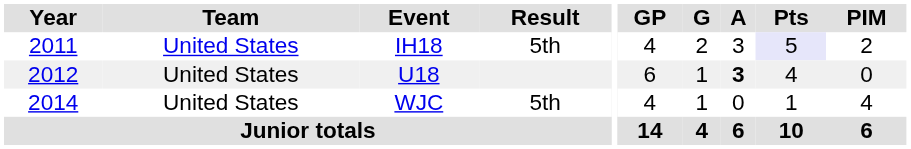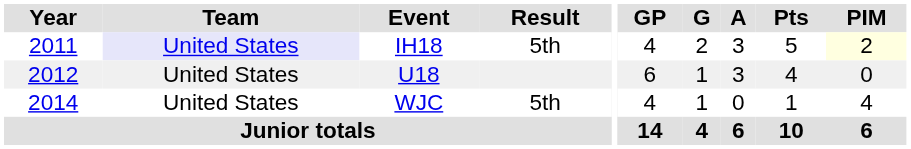 <table border="0" cellpadding="1" cellspacing="0" ID="Table3" style="text-align:center; width:40em">
 <tr ALIGN="center" bgcolor="#e0e0e0">
 <th>Year</th>
 <th>Team</th>
 <th>Event</th>
 <th>Result</th>
 <th rowspan="99" bgcolor="#ffffff"></th>
 <th>GP</th>
 <th>G</th>
 <th>A</th>
 <th>Pts</th>
 <th>PIM</th>
 </tr>
 <tr>
 <td><a href='#'>2011</a></td>
-<td><a href='#'>United States</a></td>
+<td style="background: lavender;"><a href='#'>United States</a></td>
 <td><a href='#'>IH18</a></td>
 <td>5th</td>
 <td>4</td>
 <td>2</td>
 <td>3</td>
-<td style="background: lavender;">5</td>
-<td>2</td>
+<td>5</td>
+<td style="background: lightyellow;">2</td>
 </tr>
 <tr bgcolor="#f0f0f0">
 <td><a href='#'>2012</a></td>
 <td>United States</td>
 <td><a href='#'>U18</a></td>
 <td></td>
 <td>6</td>
 <td>1</td>
-<td><strong>3</strong></td>
+<td>3</td>
 <td>4</td>
 <td>0</td>
 </tr>
 <tr>
 <td><a href='#'>2014</a></td>
 <td>United States</td>
 <td><a href='#'>WJC</a></td>
 <td>5th</td>
 <td>4</td>
 <td>1</td>
 <td>0</td>
 <td>1</td>
 <td>4</td>
 </tr>
 <tr bgcolor="#e0e0e0">
 <th colspan="4">Junior totals</th>
 <th>14</th>
 <th>4</th>
 <th>6</th>
 <th>10</th>
 <th>6</th>
 </tr>
 </table>
